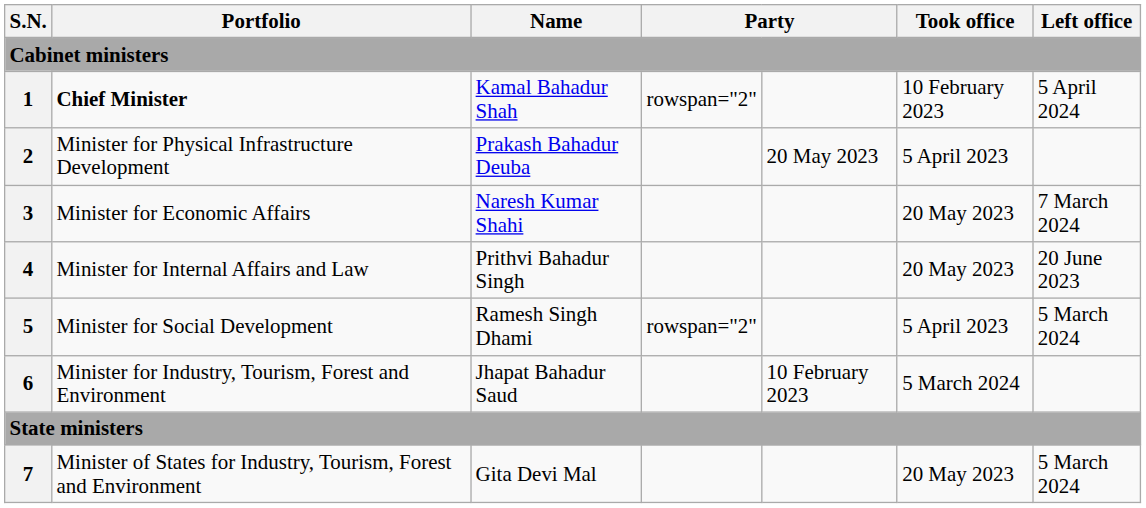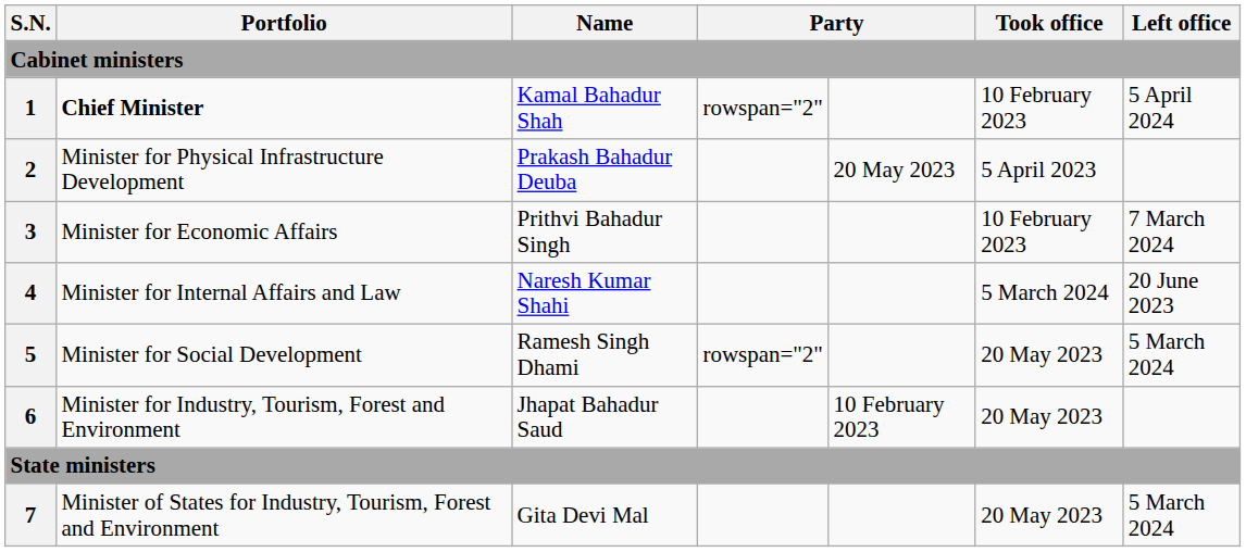 <table class="wikitable">
 <tr>
 <th>S.N.</th>
 <th>Portfolio</th>
 <th>Name</th>
 <th colspan="2">Party</th>
 <th>Took office</th>
 <th>Left office</th>
 </tr>
 <tr>
 <td colspan="7" bgcolor="darkgrey"><strong>Cabinet ministers</strong></td>
 </tr>
 <tr>
 <th>1</th>
 <td><strong>Chief Minister</strong></td>
 <td><a href='#'>Kamal Bahadur Shah</a></td>
 <td>rowspan="2" </td>
 <td></td>
 <td>10 February 2023</td>
 <td>5 April 2024</td>
 </tr>
 <tr>
 <th>2</th>
 <td>Minister for Physical Infrastructure Development</td>
 <td><a href='#'>Prakash Bahadur Deuba</a></td>
 <td></td>
 <td>20 May 2023</td>
 <td>5 April 2023</td>
 </tr>
 <tr>
 <th>3</th>
 <td>Minister for Economic Affairs</td>
-<td><a href='#'>Naresh Kumar Shahi</a></td>
+<td>Prithvi Bahadur Singh</td>
 <td></td>
 <td></td>
-<td>20 May 2023</td>
+<td>10 February 2023</td>
 <td>7 March 2024</td>
 </tr>
 <tr>
 <th>4</th>
 <td>Minister for Internal Affairs and Law</td>
-<td>Prithvi Bahadur Singh</td>
+<td><a href='#'>Naresh Kumar Shahi</a></td>
 <td></td>
 <td></td>
-<td>20 May 2023</td>
+<td>5 March 2024</td>
 <td>20 June 2023</td>
 </tr>
 <tr>
 <th>5</th>
 <td>Minister for Social Development</td>
 <td>Ramesh Singh Dhami</td>
 <td>rowspan="2" </td>
 <td></td>
-<td>5 April 2023</td>
+<td>20 May 2023</td>
 <td>5 March 2024</td>
 </tr>
 <tr>
 <th>6</th>
 <td>Minister for Industry, Tourism, Forest and Environment</td>
 <td>Jhapat Bahadur Saud</td>
 <td></td>
 <td>10 February 2023</td>
-<td>5 March 2024</td>
+<td>20 May 2023</td>
 </tr>
 <tr>
 <td colspan="7" bgcolor="darkgrey"><strong>State ministers</strong></td>
 </tr>
 <tr>
 <th>7</th>
 <td>Minister of States for Industry, Tourism, Forest and Environment</td>
 <td>Gita Devi Mal</td>
 <td></td>
 <td></td>
 <td>20 May 2023</td>
 <td>5 March 2024</td>
 </tr>
 </table>
